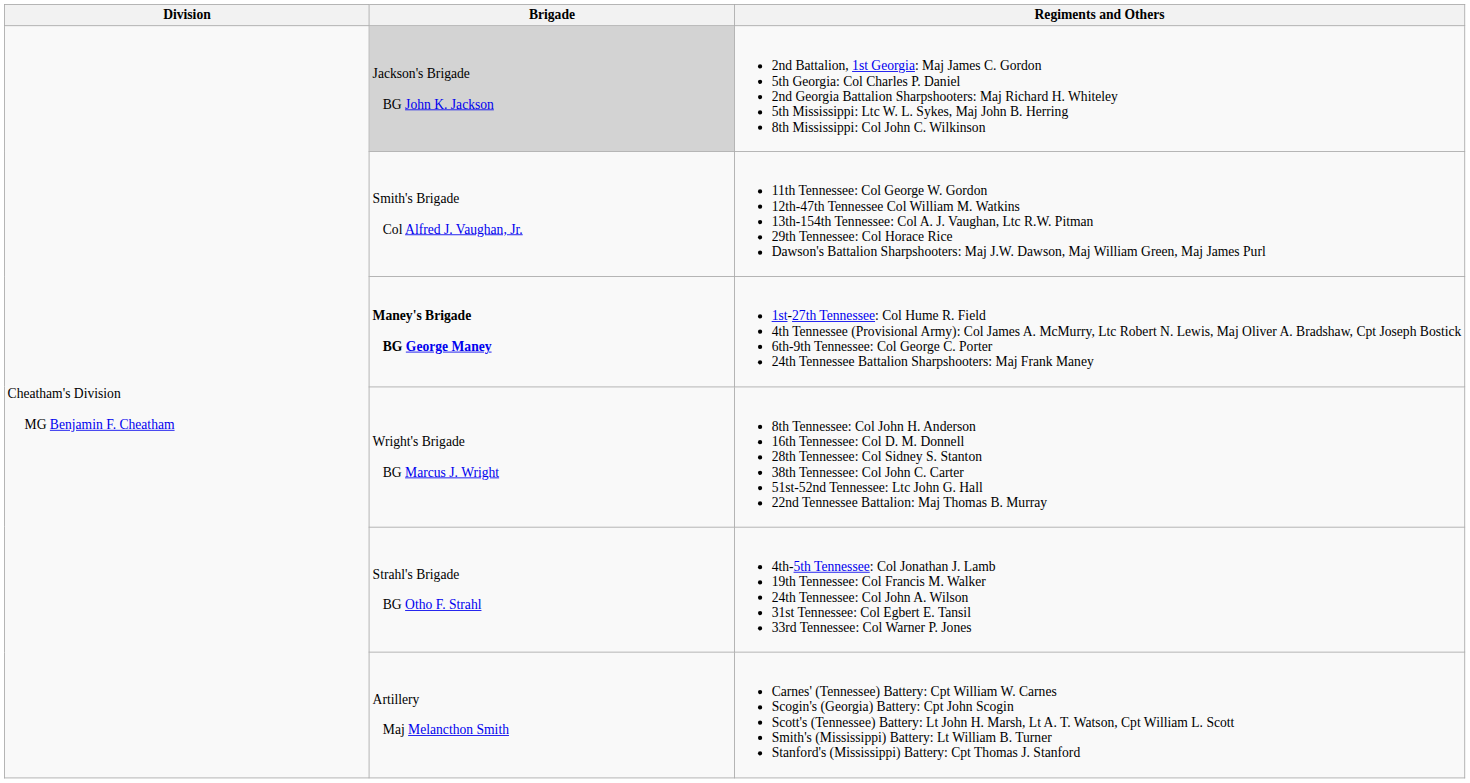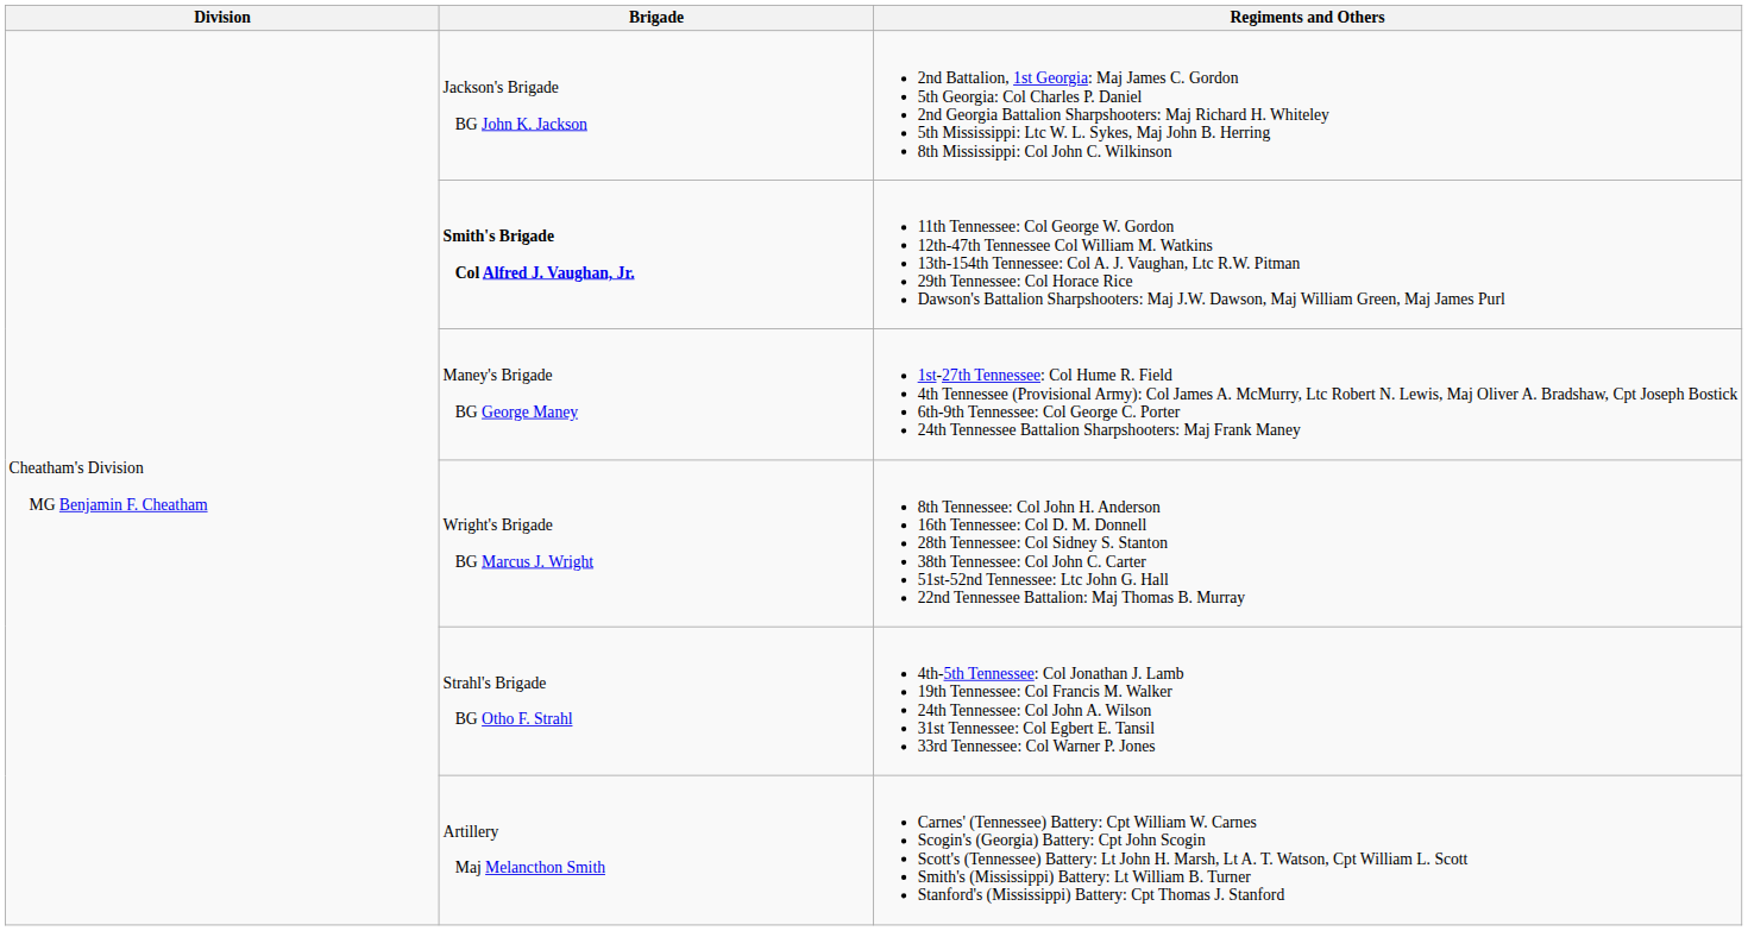 <table class="wikitable">
 <tr>
 <th width=25%>Division</th>
 <th width=25%>Brigade</th>
 <th>Regiments and Others</th>
 </tr>
 <tr>
 <td rowspan=6><br>Cheatham's Division<br><br>     MG <a href='#'>Benjamin F. Cheatham</a></td>
-<td style="background: lightgrey;">Jackson's Brigade<br><br>   BG <a href='#'>John K. Jackson</a></td>
+<td>Jackson's Brigade<br><br>   BG <a href='#'>John K. Jackson</a></td>
 <td><br><ul><li>2nd Battalion, <a href='#'>1st Georgia</a>: Maj James C. Gordon</li><li>5th Georgia: Col Charles P. Daniel</li><li>2nd Georgia Battalion Sharpshooters: Maj Richard H. Whiteley</li><li>5th Mississippi: Ltc W. L. Sykes, Maj John B. Herring</li><li>8th Mississippi: Col John C. Wilkinson</li></ul></td>
 </tr>
 <tr>
-<td>Smith's Brigade<br><br>   Col <a href='#'>Alfred J. Vaughan, Jr.</a></td>
+<td><strong>Smith's Brigade<br><br>   Col <a href='#'>Alfred J. Vaughan, Jr.</a></strong></td>
 <td><br><ul><li>11th Tennessee: Col George W. Gordon</li><li>12th-47th Tennessee Col William M. Watkins</li><li>13th-154th Tennessee: Col A. J. Vaughan, Ltc R.W. Pitman</li><li>29th Tennessee: Col Horace Rice</li><li>Dawson's Battalion  Sharpshooters: Maj J.W. Dawson, Maj William Green, Maj James Purl</li></ul></td>
 </tr>
 <tr>
-<td><strong>Maney's Brigade<br><br>   BG <a href='#'>George Maney</a></strong></td>
+<td>Maney's Brigade<br><br>   BG <a href='#'>George Maney</a></td>
 <td><br><ul><li><a href='#'>1st</a>-<a href='#'>27th Tennessee</a>: Col Hume R. Field</li><li>4th Tennessee (Provisional Army): Col James A. McMurry, Ltc Robert N. Lewis, Maj Oliver A. Bradshaw, Cpt Joseph Bostick</li><li>6th-9th Tennessee: Col George C. Porter</li><li>24th Tennessee Battalion Sharpshooters: Maj Frank Maney</li></ul></td>
 </tr>
 <tr>
 <td>Wright's Brigade<br><br>   BG <a href='#'>Marcus J. Wright</a></td>
 <td><br><ul><li>8th Tennessee: Col John H. Anderson</li><li>16th Tennessee: Col D. M. Donnell</li><li>28th Tennessee: Col Sidney S. Stanton</li><li>38th Tennessee: Col John C. Carter</li><li>51st-52nd Tennessee: Ltc John G. Hall</li><li>22nd Tennessee Battalion: Maj Thomas B. Murray</li></ul></td>
 </tr>
 <tr>
 <td>Strahl's Brigade<br><br>   BG <a href='#'>Otho F. Strahl</a></td>
 <td><br><ul><li>4th-<a href='#'>5th Tennessee</a>: Col Jonathan J. Lamb</li><li>19th Tennessee: Col Francis M. Walker</li><li>24th Tennessee: Col John A. Wilson</li><li>31st Tennessee: Col Egbert E. Tansil</li><li>33rd Tennessee: Col Warner P. Jones</li></ul></td>
 </tr>
 <tr>
 <td>Artillery<br><br>   Maj <a href='#'>Melancthon Smith</a></td>
 <td><br><ul><li>Carnes' (Tennessee) Battery: Cpt William W. Carnes</li><li>Scogin's (Georgia) Battery: Cpt John Scogin</li><li>Scott's (Tennessee) Battery: Lt John H. Marsh, Lt A. T. Watson, Cpt William L. Scott</li><li>Smith's (Mississippi) Battery: Lt William B. Turner</li><li>Stanford's (Mississippi) Battery: Cpt Thomas J. Stanford</li></ul></td>
 </tr>
 </table>
